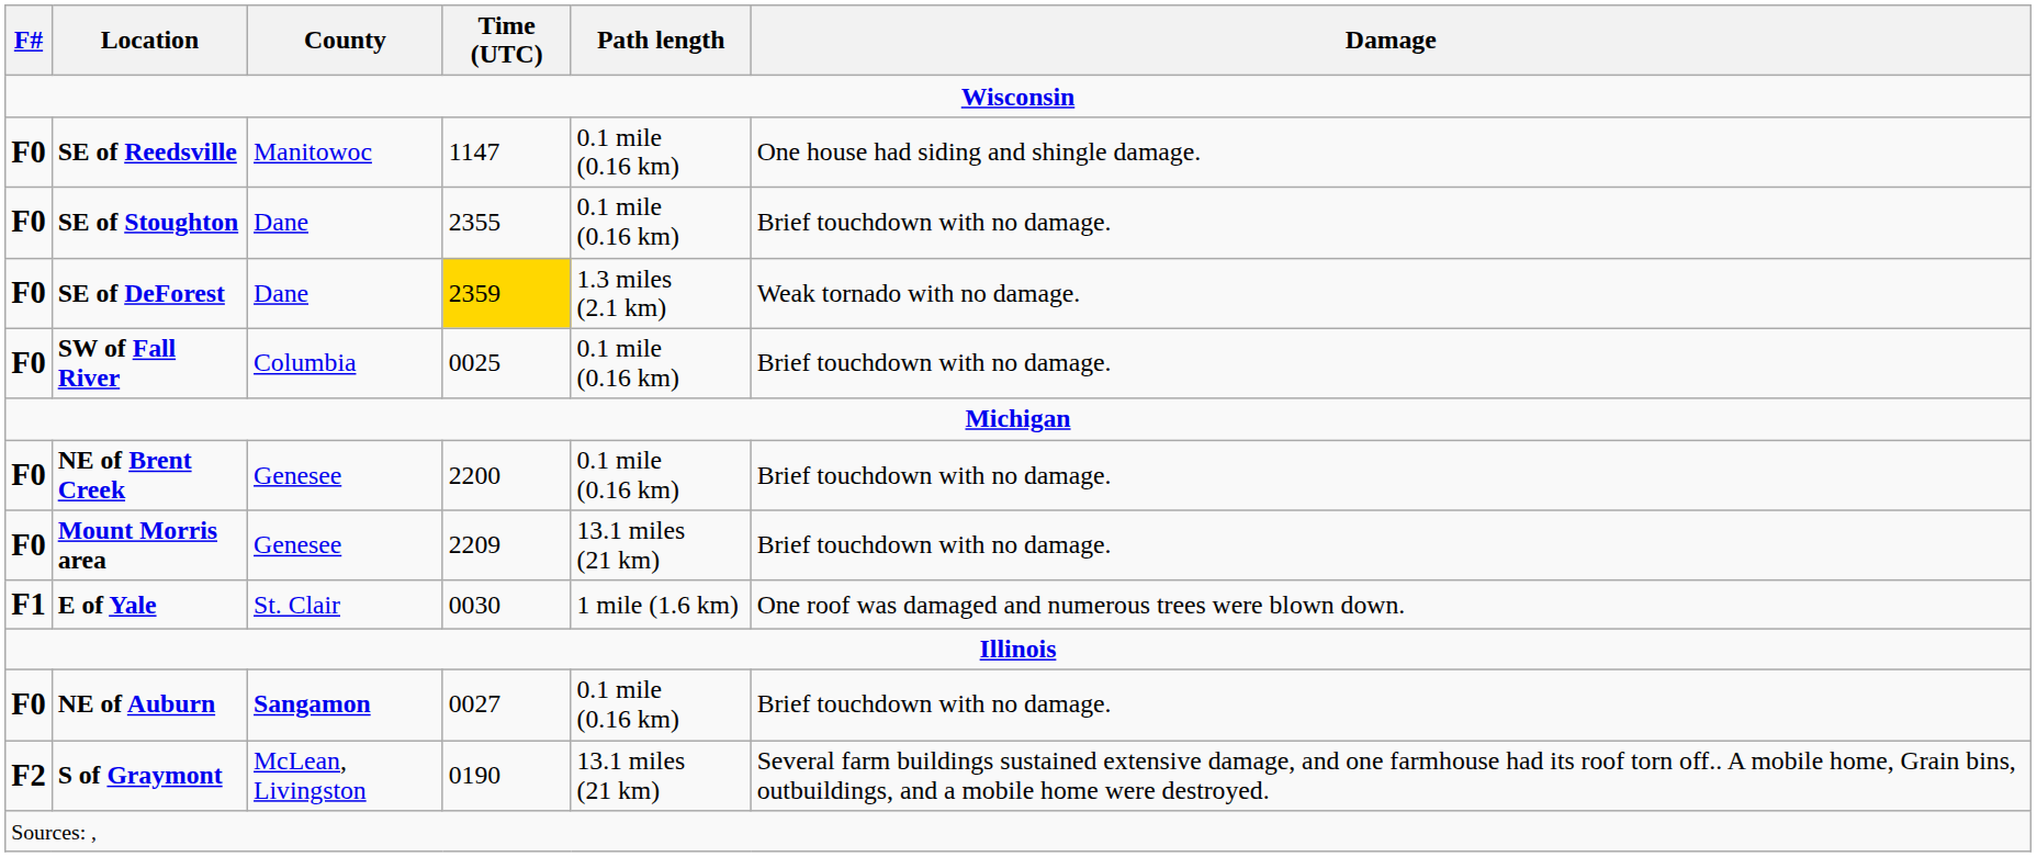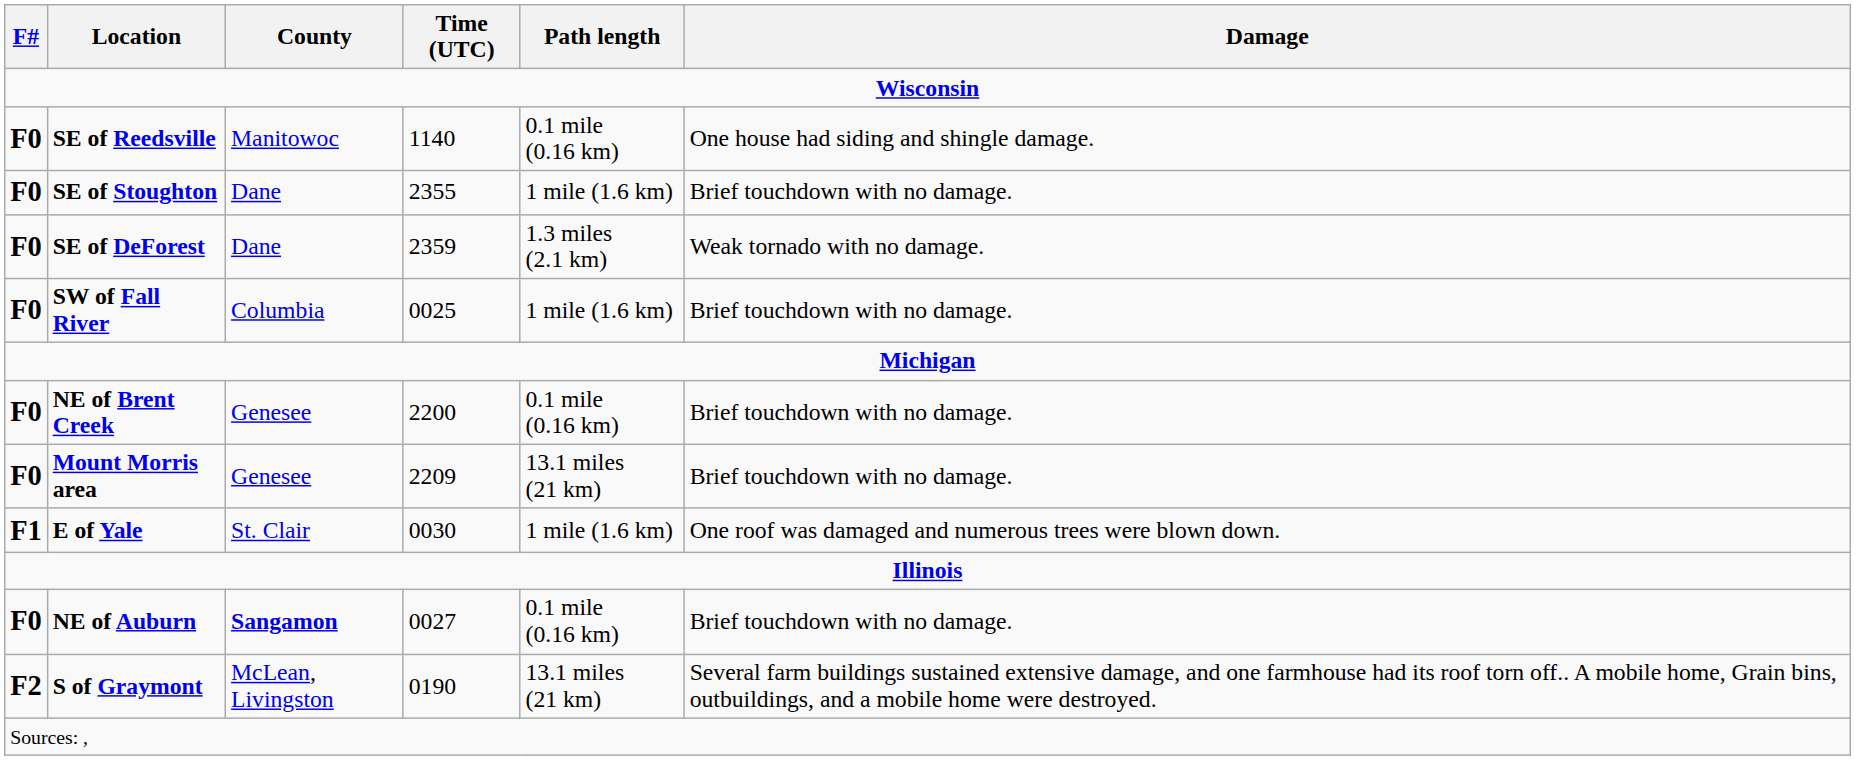 <table class="wikitable">
 <tr>
 <th><strong><a href='#'>F#</a></strong></th>
 <th><strong>Location</strong></th>
 <th><strong>County</strong></th>
 <th><strong>Time (UTC)</strong></th>
 <th><strong>Path length</strong></th>
 <th><strong>Damage</strong></th>
 </tr>
 <tr>
 <td colspan="7" align=center><strong><a href='#'>Wisconsin</a></strong></td>
 </tr>
 <tr>
 <td><big><strong>F0</strong></big></td>
 <td><strong>SE of <a href='#'>Reedsville</a></strong></td>
 <td><a href='#'>Manitowoc</a></td>
-<td>1147</td>
+<td>1140</td>
 <td>0.1 mile (0.16 km)</td>
 <td>One house had siding and shingle damage.</td>
 </tr>
 <tr>
 <td><big><strong>F0</strong></big></td>
 <td><strong>SE of <a href='#'>Stoughton</a></strong></td>
 <td><a href='#'>Dane</a></td>
 <td>2355</td>
-<td>0.1 mile (0.16 km)</td>
+<td>1 mile (1.6 km)</td>
 <td>Brief touchdown with no damage.</td>
 </tr>
 <tr>
 <td><big><strong>F0</strong></big></td>
 <td><strong>SE of <a href='#'>DeForest</a></strong></td>
 <td><a href='#'>Dane</a></td>
-<td style="background: gold;">2359</td>
+<td>2359</td>
 <td>1.3 miles (2.1 km)</td>
 <td>Weak tornado with no damage.</td>
 </tr>
 <tr>
 <td><big><strong>F0</strong></big></td>
 <td><strong>SW of <a href='#'>Fall River</a></strong></td>
 <td><a href='#'>Columbia</a></td>
 <td>0025</td>
-<td>0.1 mile (0.16 km)</td>
+<td>1 mile (1.6 km)</td>
 <td>Brief touchdown with no damage.</td>
 </tr>
 <tr>
 <td colspan="7" align=center><strong><a href='#'>Michigan</a></strong></td>
 </tr>
 <tr>
 <td><big><strong>F0</strong></big></td>
 <td><strong>NE of <a href='#'>Brent Creek</a></strong></td>
 <td><a href='#'>Genesee</a></td>
 <td>2200</td>
 <td>0.1 mile (0.16 km)</td>
 <td>Brief touchdown with no damage.</td>
 </tr>
 <tr>
 <td><big><strong>F0</strong></big></td>
 <td><strong><a href='#'>Mount Morris</a> area</strong></td>
 <td><a href='#'>Genesee</a></td>
 <td>2209</td>
 <td>13.1 miles (21 km)</td>
 <td>Brief touchdown with no damage.</td>
 </tr>
 <tr>
 <td><big><strong>F1</strong></big></td>
 <td><strong>E of <a href='#'>Yale</a></strong></td>
 <td><a href='#'>St. Clair</a></td>
 <td>0030</td>
 <td>1 mile (1.6 km)</td>
 <td>One roof was damaged and numerous trees were blown down.</td>
 </tr>
 <tr>
 <td colspan="7" align=center><strong><a href='#'>Illinois</a></strong></td>
 </tr>
 <tr>
 <td><big><strong>F0</strong></big></td>
 <td><strong>NE of <a href='#'>Auburn</a></strong></td>
 <td><strong><a href='#'>Sangamon</a></strong></td>
 <td>0027</td>
 <td>0.1 mile (0.16 km)</td>
 <td>Brief touchdown with no damage.</td>
 </tr>
 <tr>
 <td><big><strong>F2</strong></big></td>
 <td><strong>S of <a href='#'>Graymont</a></strong></td>
 <td><a href='#'>McLean</a>, <a href='#'>Livingston</a></td>
 <td>0190</td>
 <td>13.1 miles (21 km)</td>
 <td>Several farm buildings sustained extensive damage, and one farmhouse had its roof torn off.. A mobile home, Grain bins, outbuildings, and a mobile home were destroyed.</td>
 </tr>
 <tr>
 <td colspan="7"><small>Sources: , </small></td>
 </tr>
 </table>
